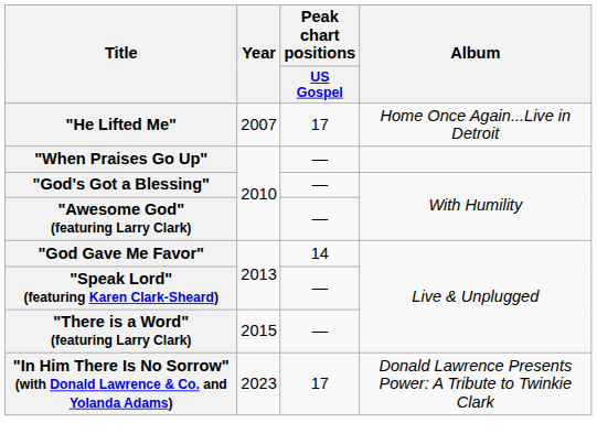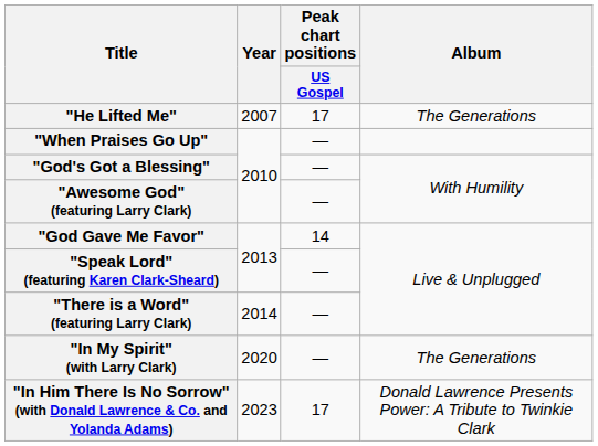 <table class="wikitable plainrowheaders" style="text-align:center;" border="1">
 <tr>
 <th scope="col" rowspan="2" style="width:14em;">Title</th>
 <th scope="col" rowspan="2" style="width:2em;">Year</th>
 <th scope="col" colspan="1">Peak<br>chart<br>positions</th>
 <th scope="col" rowspan="2" style="width:14em;">Album</th>
 </tr>
 <tr>
 <th scope="col" style="width:3em;font-size:85%;"><a href='#'>US<br>Gospel</a><br></th>
 </tr>
 <tr>
 <th scope="row">"He Lifted Me"</th>
 <td>2007</td>
 <td>17</td>
-<td><em>Home Once Again...Live in Detroit</em></td>
+<td><em>The Generations</em></td>
 </tr>
 <tr>
 <th scope="row">"When Praises Go Up"</th>
 <td rowspan="3">2010</td>
 <td>—</td>
 <td></td>
 </tr>
 <tr>
 <th scope="row">"God's Got a Blessing"<br></th>
 <td>—</td>
 <td rowspan="2"><em>With Humility</em></td>
 </tr>
 <tr>
 <th scope="row">"Awesome God"<br><small>(featuring Larry Clark)</small></th>
 <td>—</td>
 </tr>
 <tr>
 <th scope="row">"God Gave Me Favor"</th>
 <td rowspan="2">2013</td>
 <td>14</td>
 <td rowspan="3"><em>Live & Unplugged</em></td>
 </tr>
 <tr>
 <th scope="row">"Speak Lord"<br><small>(featuring <a href='#'>Karen Clark-Sheard</a>)</small></th>
 <td>—</td>
 </tr>
 <tr>
 <th scope="row">"There is a Word"<br><small>(featuring Larry Clark)</small></th>
-<td>2015</td>
+<td>2014</td>
 <td>—</td>
+</tr>
+<tr>
+<th scope="row">"In My Spirit"<br><small>(with Larry Clark)</small></th>
+<td>2020</td>
+<td>—</td>
+<td><em>The Generations</em></td>
 </tr>
 <tr>
 <th scope="row">"In Him There Is No Sorrow"<br><small>(with <a href='#'>Donald Lawrence & Co.</a> and <a href='#'>Yolanda Adams</a>)</small></th>
 <td>2023</td>
 <td>17</td>
 <td><em>Donald Lawrence Presents Power: A Tribute to Twinkie Clark</em></td>
 </tr>
 </table>
